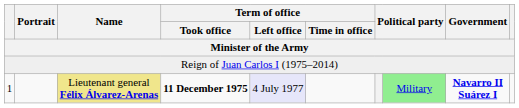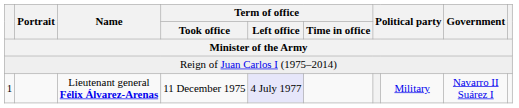 <table class="wikitable" style="text-align:center">
 <tr>
 <th rowspan=2></th>
 <th rowspan=2>Portrait</th>
 <th rowspan=2>Name<br></th>
 <th colspan=3>Term of office</th>
 <th colspan=2 rowspan=2>Political party</th>
 <th rowspan=2>Government</th>
 <th rowspan=2></th>
 </tr>
 <tr>
 <th>Took office</th>
 <th>Left office</th>
 <th>Time in office</th>
 </tr>
 <tr>
 <th colspan=10>Minister of the Army</th>
 </tr>
 <tr style="background:#efefef;">
 <td colspan=10>Reign of <a href='#'>Juan Carlos I</a> (1975–2014)</td>
 </tr>
 <tr>
 <td>1</td>
 <td></td>
-<td style="background: khaki;">Lieutenant general<br><strong><a href='#'>Félix Álvarez-Arenas</a></strong><br></td>
-<td><strong>11 December 1975</strong></td>
+<td>Lieutenant general<br><strong><a href='#'>Félix Álvarez-Arenas</a></strong><br></td>
+<td>11 December 1975</td>
 <td style="background: lavender;">4 July 1977</td>
 <td></td>
 <th style="background:"></th>
-<td style="background: lightgreen;"><a href='#'>Military</a></td>
-<td><strong><a href='#'>Navarro II</a><br><a href='#'>Suárez I</a></strong></td>
+<td><a href='#'>Military</a></td>
+<td><a href='#'>Navarro II</a><br><a href='#'>Suárez I</a></td>
 <td></td>
 </tr>
 </table>
